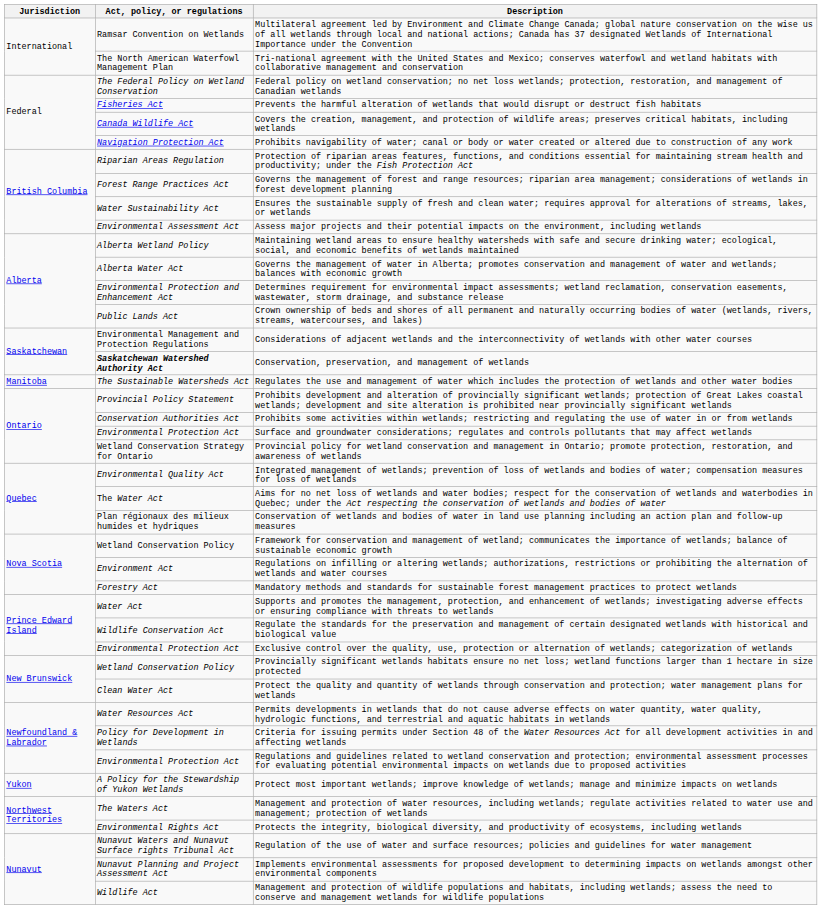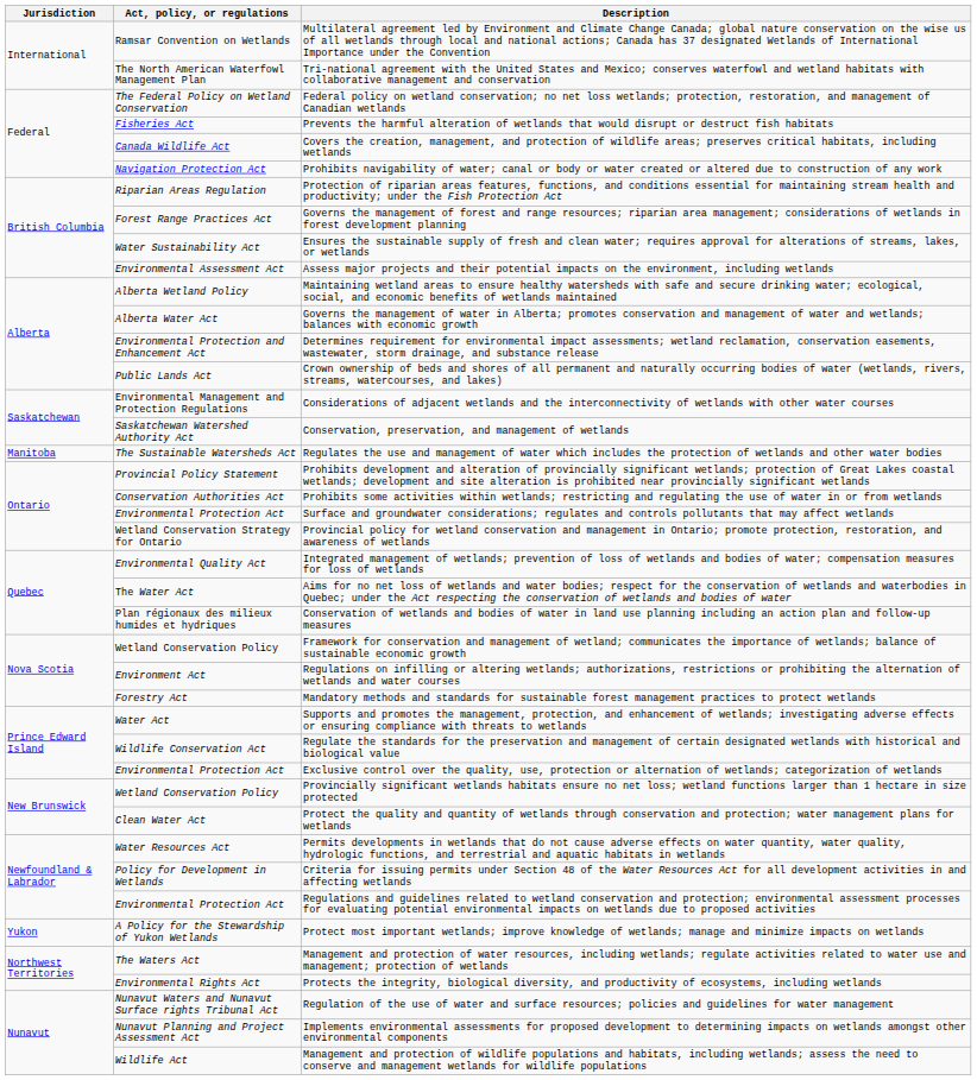 <table class="wikitable">
 <tr>
 <th>Jurisdiction</th>
 <th>Act, policy, or regulations</th>
 <th>Description</th>
 </tr>
 <tr>
 <td rowspan="2">International</td>
 <td>Ramsar Convention on Wetlands</td>
 <td>Multilateral agreement led by Environment and Climate Change Canada; global nature conservation on the wise us of all wetlands through local and national actions; Canada has 37 designated Wetlands of International Importance under the Convention</td>
 </tr>
 <tr>
 <td>The North American Waterfowl Management Plan</td>
 <td>Tri-national agreement with the United States and Mexico; conserves waterfowl and wetland habitats with collaborative management and conservation</td>
 </tr>
 <tr>
 <td rowspan="4">Federal</td>
 <td><em>The Federal Policy on Wetland Conservation</em></td>
 <td>Federal policy on wetland conservation; no net loss wetlands; protection, restoration, and management of Canadian wetlands</td>
 </tr>
 <tr>
 <td><em><a href='#'>Fisheries Act</a></em></td>
 <td>Prevents the harmful alteration of wetlands that would disrupt or destruct fish habitats</td>
 </tr>
 <tr>
 <td><em><a href='#'>Canada Wildlife Act</a></em></td>
 <td>Covers the creation, management, and protection of wildlife areas; preserves critical habitats, including wetlands</td>
 </tr>
 <tr>
 <td><em><a href='#'>Navigation Protection Act</a></em></td>
 <td>Prohibits navigability of water; canal or body or water created or altered due to construction of any work</td>
 </tr>
 <tr>
 <td rowspan="4"><a href='#'>British Columbia</a></td>
 <td><em>Riparian Areas Regulation</em></td>
 <td>Protection of riparian areas features, functions, and conditions essential for maintaining stream health and productivity; under the <em>Fish Protection Act</em> </td>
 </tr>
 <tr>
 <td><em>Forest Range Practices Act</em></td>
 <td>Governs the management of forest and range resources; riparian area management; considerations of wetlands in forest development planning</td>
 </tr>
 <tr>
 <td><em>Water Sustainability Act</em></td>
 <td>Ensures the sustainable supply of fresh and clean water; requires approval for alterations of streams, lakes, or wetlands</td>
 </tr>
 <tr>
 <td><em>Environmental Assessment Act</em></td>
 <td>Assess major projects and their potential impacts on the environment, including wetlands</td>
 </tr>
 <tr>
 <td rowspan="4"><a href='#'>Alberta</a></td>
 <td><em>Alberta Wetland Policy</em></td>
 <td>Maintaining wetland areas to ensure healthy watersheds with safe and secure drinking water; ecological, social, and economic benefits of wetlands maintained</td>
 </tr>
 <tr>
 <td><em>Alberta Water Act</em></td>
 <td>Governs the management of water in Alberta; promotes conservation and management of water and wetlands; balances with economic growth</td>
 </tr>
 <tr>
 <td><em>Environmental Protection and Enhancement Act</em></td>
 <td>Determines requirement for environmental impact assessments; wetland reclamation, conservation easements, wastewater, storm drainage, and substance release</td>
 </tr>
 <tr>
 <td><em>Public Lands Act</em></td>
 <td>Crown ownership of beds and shores of all permanent and naturally occurring bodies of water (wetlands, rivers, streams, watercourses, and lakes)</td>
 </tr>
 <tr>
 <td rowspan="2"><a href='#'>Saskatchewan</a></td>
 <td>Environmental Management and Protection Regulations</td>
 <td>Considerations of adjacent wetlands and the interconnectivity of wetlands with other water courses</td>
 </tr>
 <tr>
-<td><strong><em>Saskatchewan Watershed Authority Act</em></strong></td>
+<td><em>Saskatchewan Watershed Authority Act</em></td>
 <td>Conservation, preservation, and management of wetlands</td>
 </tr>
 <tr>
 <td><a href='#'>Manitoba</a></td>
 <td><em>The Sustainable Watersheds Act</em></td>
 <td>Regulates the use and management of water which includes the protection of wetlands and other water bodies</td>
 </tr>
 <tr>
 <td rowspan="4"><a href='#'>Ontario</a></td>
 <td><em>Provincial Policy Statement</em></td>
 <td>Prohibits development and alteration of provincially significant wetlands; protection of Great Lakes coastal wetlands; development and site alteration is prohibited near provincially significant wetlands</td>
 </tr>
 <tr>
 <td><em>Conservation Authorities Act</em></td>
 <td>Prohibits some activities within wetlands; restricting and regulating the use of water in or from wetlands</td>
 </tr>
 <tr>
 <td><em>Environmental Protection Act</em></td>
 <td>Surface and groundwater considerations; regulates and controls pollutants that may affect wetlands</td>
 </tr>
 <tr>
 <td>Wetland Conservation Strategy for Ontario</td>
 <td>Provincial policy for wetland conservation and management in Ontario; promote protection, restoration, and awareness of wetlands</td>
 </tr>
 <tr>
 <td rowspan="3"><a href='#'>Quebec</a></td>
 <td><em>Environmental Quality Act</em></td>
 <td>Integrated management of wetlands; prevention of loss of wetlands and bodies of water; compensation measures for loss of wetlands</td>
 </tr>
 <tr>
 <td>The <em>Water Act</em></td>
 <td>Aims for no net loss of wetlands and water bodies; respect for the conservation of wetlands and waterbodies in Quebec; under the <em>Act respecting the conservation of wetlands and bodies of water</em> </td>
 </tr>
 <tr>
 <td>Plan régionaux des milieux humides et hydriques</td>
 <td>Conservation of wetlands and bodies of water in land use planning including an action plan and follow-up measures</td>
 </tr>
 <tr>
 <td rowspan="3"><a href='#'>Nova Scotia</a></td>
 <td>Wetland Conservation Policy</td>
 <td>Framework for conservation and management of wetland; communicates the importance of wetlands; balance of sustainable economic growth</td>
 </tr>
 <tr>
 <td><em>Environment Act</em></td>
 <td>Regulations on infilling or altering wetlands; authorizations, restrictions or prohibiting the alternation of wetlands and water courses</td>
 </tr>
 <tr>
 <td><em>Forestry Act</em></td>
 <td>Mandatory methods and standards for sustainable forest management practices to protect wetlands</td>
 </tr>
 <tr>
 <td rowspan="3"><a href='#'>Prince Edward Island</a></td>
 <td><em>Water Act</em></td>
 <td>Supports and promotes the management, protection, and enhancement of wetlands; investigating adverse effects or ensuring compliance with threats to wetlands</td>
 </tr>
 <tr>
 <td><em>Wildlife Conservation Act</em></td>
 <td>Regulate the standards for the preservation and management of certain designated wetlands with historical and biological value</td>
 </tr>
 <tr>
 <td><em>Environmental Protection Act</em></td>
 <td>Exclusive control over the quality, use, protection or alternation of wetlands; categorization of wetlands</td>
 </tr>
 <tr>
 <td rowspan="2"><a href='#'>New Brunswick</a></td>
 <td><em>Wetland Conservation Policy</em></td>
 <td>Provincially significant wetlands habitats ensure no net loss; wetland functions larger than 1 hectare in size protected</td>
 </tr>
 <tr>
 <td><em>Clean Water Act</em></td>
 <td>Protect the quality and quantity of wetlands through conservation and protection; water management plans for wetlands</td>
 </tr>
 <tr>
 <td rowspan="3"><a href='#'>Newfoundland & Labrador</a></td>
 <td><em>Water Resources Act</em></td>
 <td>Permits developments in wetlands that do not cause adverse effects on water quantity, water quality, hydrologic functions, and terrestrial and aquatic habitats in wetlands</td>
 </tr>
 <tr>
 <td><em>Policy for Development in Wetlands</em></td>
 <td>Criteria for issuing permits under Section 48 of the <em>Water Resources Act</em> for all development activities in and affecting wetlands</td>
 </tr>
 <tr>
 <td><em>Environmental Protection Act</em></td>
 <td>Regulations and guidelines related to wetland conservation and protection; environmental assessment processes for evaluating potential environmental impacts on wetlands due to proposed activities</td>
 </tr>
 <tr>
 <td><a href='#'>Yukon</a></td>
 <td><em>A Policy for the Stewardship of Yukon Wetlands</em></td>
 <td>Protect most important wetlands; improve knowledge of wetlands; manage and minimize impacts on wetlands</td>
 </tr>
 <tr>
 <td rowspan="2"><a href='#'>Northwest Territories</a></td>
 <td><em>The Waters Act</em></td>
 <td>Management and protection of water resources, including wetlands; regulate activities related to water use and management; protection of wetlands</td>
 </tr>
 <tr>
 <td><em>Environmental Rights Act</em></td>
 <td>Protects the integrity, biological diversity, and productivity of ecosystems, including wetlands</td>
 </tr>
 <tr>
 <td rowspan="3"><a href='#'>Nunavut</a></td>
 <td><em>Nunavut Waters and Nunavut Surface rights Tribunal Act</em></td>
 <td>Regulation of the use of water and surface resources; policies and guidelines for water management</td>
 </tr>
 <tr>
 <td><em>Nunavut Planning and Project Assessment Act</em></td>
 <td>Implements environmental assessments for proposed development to determining impacts on wetlands amongst other environmental components</td>
 </tr>
 <tr>
 <td><em>Wildlife Act</em></td>
 <td>Management and protection of wildlife populations and habitats, including wetlands; assess the need to conserve and management wetlands for wildlife populations</td>
 </tr>
 </table>
